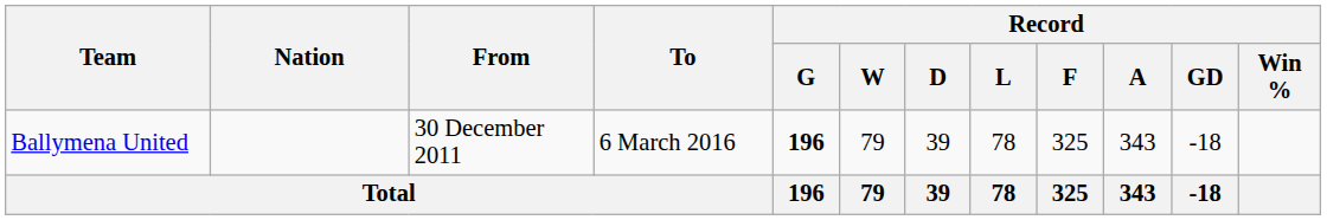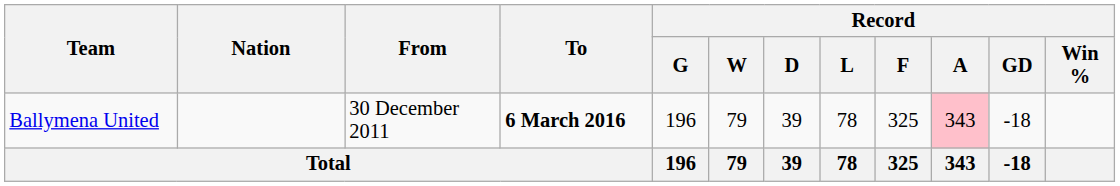 <table class="wikitable" style="text-align: center">
 <tr>
 <th rowspan=2 width=140>Team</th>
 <th rowspan=2 width=140>Nation</th>
 <th rowspan=2 width=125>From</th>
 <th rowspan=2 width=125>To</th>
 <th colspan=8>Record</th>
 </tr>
 <tr>
 <th width=40>G</th>
 <th width=40>W</th>
 <th width=40>D</th>
 <th width=40>L</th>
 <th width=40>F</th>
 <th width=40>A</th>
 <th width=40>GD</th>
 <th width=50>Win %</th>
 </tr>
 <tr>
 <td align="left"><a href='#'>Ballymena United</a></td>
 <td align="left"></td>
 <td align=left>30 December 2011</td>
-<td align=left>6 March 2016</td>
-<td><strong>196</strong></td>
+<td align=left><strong>6 March 2016</strong></td>
+<td>196</td>
 <td>79</td>
 <td>39</td>
 <td>78</td>
 <td>325</td>
-<td>343</td>
+<td style="background: pink;">343</td>
 <td>-18</td>
 <td></td>
 </tr>
 <tr>
 <th align="center" colspan="4">Total</th>
 <th>196</th>
 <th>79</th>
 <th>39</th>
 <th>78</th>
 <th>325</th>
 <th>343</th>
 <th>-18</th>
 <th></th>
 </tr>
 </table>
